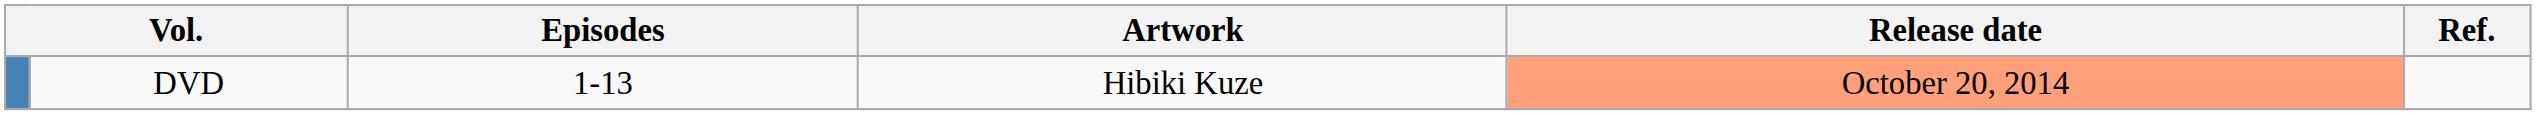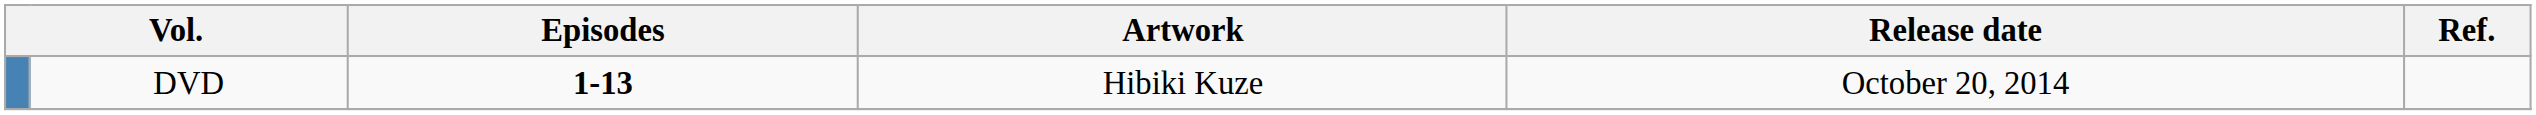 <table class="wikitable" style="text-align: center; width: 98%;">
 <tr>
 <th colspan="2">Vol.</th>
 <th>Episodes</th>
 <th>Artwork</th>
 <th>Release date</th>
 <th width="5%">Ref.</th>
 </tr>
 <tr>
 <td width="1%" style="background: SteelBlue;"></td>
 <td>DVD</td>
-<td>1-13</td>
+<td><strong>1-13</strong></td>
 <td>Hibiki Kuze</td>
-<td style="background: lightsalmon;">October 20, 2014</td>
+<td>October 20, 2014</td>
 <td></td>
 </tr>
 <tr>
 </tr>
 </table>
